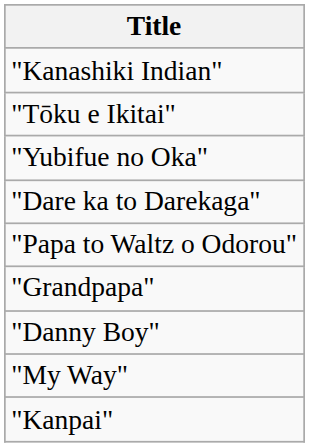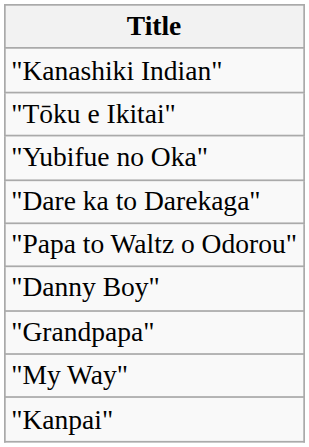 <table class="wikitable">
 <tr>
 <th>Title</th>
 </tr>
 <tr>
 <td>"Kanashiki Indian"</td>
 </tr>
 <tr>
 <td>"Tōku e Ikitai"</td>
 </tr>
 <tr>
 <td>"Yubifue no Oka"</td>
 </tr>
 <tr>
 <td>"Dare ka to Darekaga"</td>
 </tr>
 <tr>
 <td>"Papa to Waltz o Odorou"</td>
 </tr>
 <tr>
-<td>"Grandpapa"</td>
+<td>"Danny Boy"</td>
 </tr>
 <tr>
-<td>"Danny Boy"</td>
+<td>"Grandpapa"</td>
 </tr>
 <tr>
 <td>"My Way"</td>
 </tr>
 <tr>
 <td>"Kanpai"</td>
 </tr>
 </table>
